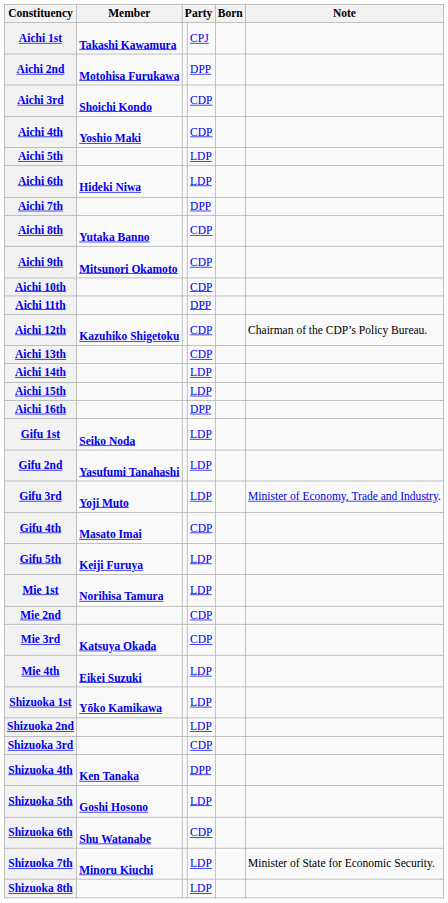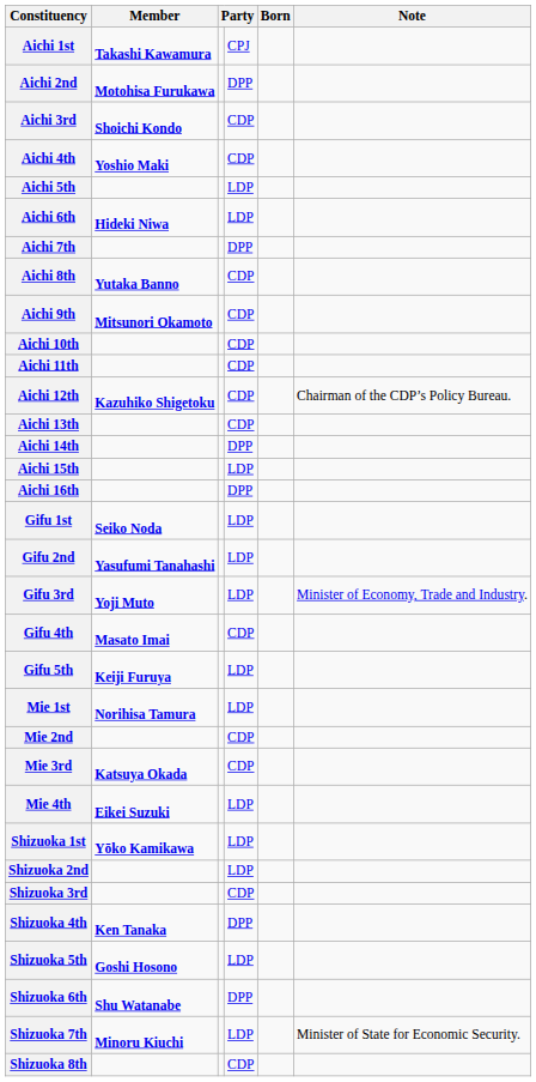 <table class="wikitable sortable plainrowheaders" id="votingmembers">
 <tr style="vertical-align:bottom">
 <th>Constituency</th>
 <th>Member</th>
 <th colspan=2>Party</th>
 <th>Born</th>
 <th>Note</th>
 </tr>
 <tr>
 <th><a href='#'>Aichi 1st</a></th>
 <td><br><strong><a href='#'>Takashi Kawamura</a></strong></td>
 <td style="background-color:"></td>
 <td><a href='#'>CPJ</a></td>
 <td></td>
 <td></td>
 </tr>
 <tr>
 <th><a href='#'>Aichi 2nd</a></th>
 <td><br><strong><a href='#'>Motohisa Furukawa</a></strong></td>
 <td style="background-color:"></td>
 <td><a href='#'>DPP</a></td>
 <td></td>
 <td></td>
 </tr>
 <tr>
 <th><a href='#'>Aichi 3rd</a></th>
 <td><br><strong><a href='#'>Shoichi Kondo</a></strong></td>
 <td style="background-color:"></td>
 <td><a href='#'>CDP</a></td>
 <td></td>
 <td></td>
 </tr>
 <tr>
 <th><a href='#'>Aichi 4th</a></th>
 <td><br><strong><a href='#'>Yoshio Maki</a></strong></td>
 <td style="background-color:"></td>
 <td><a href='#'>CDP</a></td>
 <td></td>
 <td></td>
 </tr>
 <tr>
 <th><a href='#'>Aichi 5th</a></th>
 <td><strong></strong></td>
 <td style="background-color:"></td>
 <td><a href='#'>LDP</a></td>
 <td></td>
 <td></td>
 </tr>
 <tr>
 <th><a href='#'>Aichi 6th</a></th>
 <td><br><strong><a href='#'>Hideki Niwa</a></strong></td>
 <td style="background-color:"></td>
 <td><a href='#'>LDP</a></td>
 <td></td>
 <td></td>
 </tr>
 <tr>
 <th><a href='#'>Aichi 7th</a></th>
 <td><strong></strong></td>
 <td style="background-color:"></td>
 <td><a href='#'>DPP</a></td>
 <td></td>
 <td></td>
 </tr>
 <tr>
 <th><a href='#'>Aichi 8th</a></th>
 <td><br><strong><a href='#'>Yutaka Banno</a></strong></td>
 <td style="background-color:"></td>
 <td><a href='#'>CDP</a></td>
 <td></td>
 <td></td>
 </tr>
 <tr>
 <th><a href='#'>Aichi 9th</a></th>
 <td><br><strong><a href='#'>Mitsunori Okamoto</a></strong></td>
 <td style="background-color:"></td>
 <td><a href='#'>CDP</a></td>
 <td></td>
 <td></td>
 </tr>
 <tr>
 <th><a href='#'>Aichi 10th</a></th>
 <td><strong></strong></td>
 <td style="background-color:"></td>
 <td><a href='#'>CDP</a></td>
 <td></td>
 <td></td>
 </tr>
 <tr>
 <th><a href='#'>Aichi 11th</a></th>
 <td><strong></strong></td>
 <td style="background-color:"></td>
-<td><a href='#'>DPP</a></td>
+<td><a href='#'>CDP</a></td>
 <td></td>
 <td></td>
 </tr>
 <tr>
 <th><a href='#'>Aichi 12th</a></th>
 <td><br><strong><a href='#'>Kazuhiko Shigetoku</a></strong></td>
 <td style="background-color:"></td>
 <td><a href='#'>CDP</a></td>
 <td></td>
 <td>Chairman of the CDP’s Policy Bureau.</td>
 </tr>
 <tr>
 <th><a href='#'>Aichi 13th</a></th>
 <td><br><strong></strong></td>
 <td style="background-color:"></td>
 <td><a href='#'>CDP</a></td>
 <td></td>
 <td></td>
 </tr>
 <tr>
 <th><a href='#'>Aichi 14th</a></th>
 <td><br><strong></strong></td>
 <td style="background-color:"></td>
-<td><a href='#'>LDP</a></td>
+<td><a href='#'>DPP</a></td>
 <td></td>
 <td></td>
 </tr>
 <tr>
 <th><a href='#'>Aichi 15th</a></th>
 <td><br><strong></strong></td>
 <td style="background-color:"></td>
 <td><a href='#'>LDP</a></td>
 <td></td>
 <td></td>
 </tr>
 <tr>
 <th><a href='#'>Aichi 16th</a></th>
 <td><strong></strong></td>
 <td style="background-color:"></td>
 <td><a href='#'>DPP</a></td>
 <td></td>
 <td></td>
 </tr>
 <tr>
 <th><a href='#'>Gifu 1st</a></th>
 <td><br><strong><a href='#'>Seiko Noda</a></strong></td>
 <td style="background-color:"></td>
 <td><a href='#'>LDP</a></td>
 <td></td>
 <td></td>
 </tr>
 <tr>
 <th><a href='#'>Gifu 2nd</a></th>
 <td><br><strong><a href='#'>Yasufumi Tanahashi</a></strong></td>
 <td style="background-color:"></td>
 <td><a href='#'>LDP</a></td>
 <td></td>
 <td></td>
 </tr>
 <tr>
 <th><a href='#'>Gifu 3rd</a></th>
 <td><br><strong><a href='#'>Yoji Muto</a></strong></td>
 <td style="background-color:"></td>
 <td><a href='#'>LDP</a></td>
 <td></td>
 <td><a href='#'>Minister of Economy, Trade and Industry</a>.</td>
 </tr>
 <tr>
 <th><a href='#'>Gifu 4th</a></th>
 <td><br><strong><a href='#'>Masato Imai</a></strong></td>
 <td style="background-color:"></td>
 <td><a href='#'>CDP</a></td>
 <td></td>
 <td></td>
 </tr>
 <tr>
 <th><a href='#'>Gifu 5th</a></th>
 <td><br><strong><a href='#'>Keiji Furuya</a></strong></td>
 <td style="background-color:"></td>
 <td><a href='#'>LDP</a></td>
 <td></td>
 <td></td>
 </tr>
 <tr>
 <th><a href='#'>Mie 1st</a></th>
 <td><br><strong><a href='#'>Norihisa Tamura</a></strong></td>
 <td style="background-color:"></td>
 <td><a href='#'>LDP</a></td>
 <td></td>
 <td></td>
 </tr>
 <tr>
 <th><a href='#'>Mie 2nd</a></th>
 <td><strong></strong></td>
 <td style="background-color:"></td>
 <td><a href='#'>CDP</a></td>
 <td></td>
 <td></td>
 </tr>
 <tr>
 <th><a href='#'>Mie 3rd</a></th>
 <td><br><strong><a href='#'>Katsuya Okada</a></strong></td>
 <td style="background-color:"></td>
 <td><a href='#'>CDP</a></td>
 <td></td>
 <td></td>
 </tr>
 <tr>
 <th><a href='#'>Mie 4th</a></th>
 <td><br><strong><a href='#'>Eikei Suzuki</a></strong></td>
 <td style="background-color:"></td>
 <td><a href='#'>LDP</a></td>
 <td></td>
 <td></td>
 </tr>
 <tr>
 <th><a href='#'>Shizuoka 1st</a></th>
 <td><br><strong><a href='#'>Yōko Kamikawa</a></strong></td>
 <td style="background-color:"></td>
 <td><a href='#'>LDP</a></td>
 <td></td>
 <td></td>
 </tr>
 <tr>
 <th><a href='#'>Shizuoka 2nd</a></th>
 <td><br><strong></strong></td>
 <td style="background-color:"></td>
 <td><a href='#'>LDP</a></td>
 <td></td>
 <td></td>
 </tr>
 <tr>
 <th><a href='#'>Shizuoka 3rd</a></th>
 <td><br><strong></strong></td>
 <td style="background-color:"></td>
 <td><a href='#'>CDP</a></td>
 <td></td>
 <td></td>
 </tr>
 <tr>
 <th><a href='#'>Shizuoka 4th</a></th>
 <td><br><strong><a href='#'>Ken Tanaka</a></strong></td>
 <td style="background-color:"></td>
 <td><a href='#'>DPP</a></td>
 <td></td>
 <td></td>
 </tr>
 <tr>
 <th><a href='#'>Shizuoka 5th</a></th>
 <td><br><strong><a href='#'>Goshi Hosono</a></strong></td>
 <td style="background-color:"></td>
 <td><a href='#'>LDP</a></td>
 <td></td>
 <td></td>
 </tr>
 <tr>
 <th><a href='#'>Shizuoka 6th</a></th>
 <td><br><strong><a href='#'>Shu Watanabe</a></strong></td>
 <td style="background-color:"></td>
-<td><a href='#'>CDP</a></td>
+<td><a href='#'>DPP</a></td>
 <td></td>
 <td></td>
 </tr>
 <tr>
 <th><a href='#'>Shizuoka 7th</a></th>
 <td><br><strong><a href='#'>Minoru Kiuchi</a></strong></td>
 <td style="background-color:"></td>
 <td><a href='#'>LDP</a></td>
 <td></td>
 <td>Minister of State for Economic Security.</td>
 </tr>
 <tr>
 <th><a href='#'>Shizuoka 8th</a></th>
 <td><br><strong></strong></td>
 <td style="background-color:"></td>
-<td><a href='#'>LDP</a></td>
+<td><a href='#'>CDP</a></td>
 <td></td>
 <td></td>
 </tr>
 </table>
